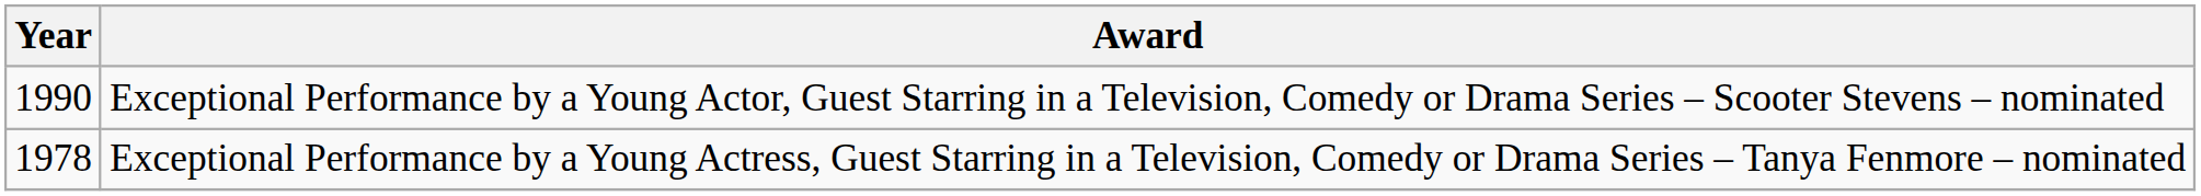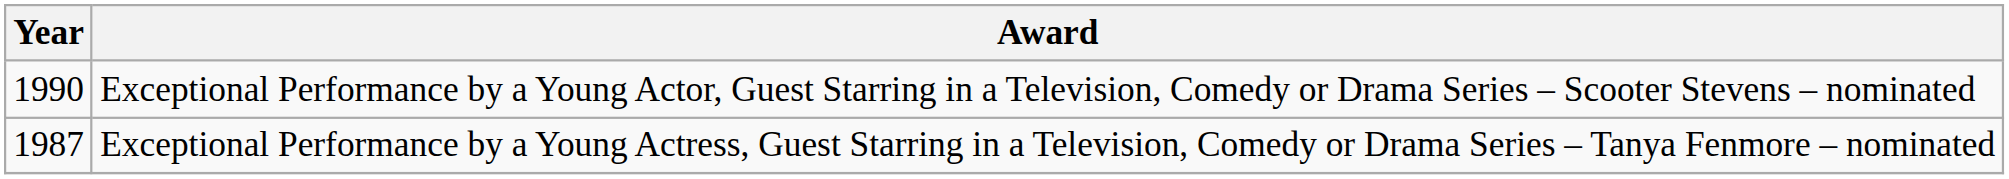 <table class="wikitable" border="1">
 <tr>
 <th>Year</th>
 <th>Award</th>
 </tr>
 <tr>
 <td>1990</td>
 <td>Exceptional Performance by a Young Actor, Guest Starring in a Television, Comedy or Drama Series – Scooter Stevens – nominated</td>
 </tr>
 <tr>
-<td>1978</td>
+<td>1987</td>
 <td>Exceptional Performance by a Young Actress, Guest Starring in a Television, Comedy or Drama Series – Tanya Fenmore – nominated</td>
 </tr>
 <tr>
 </tr>
 </table>
